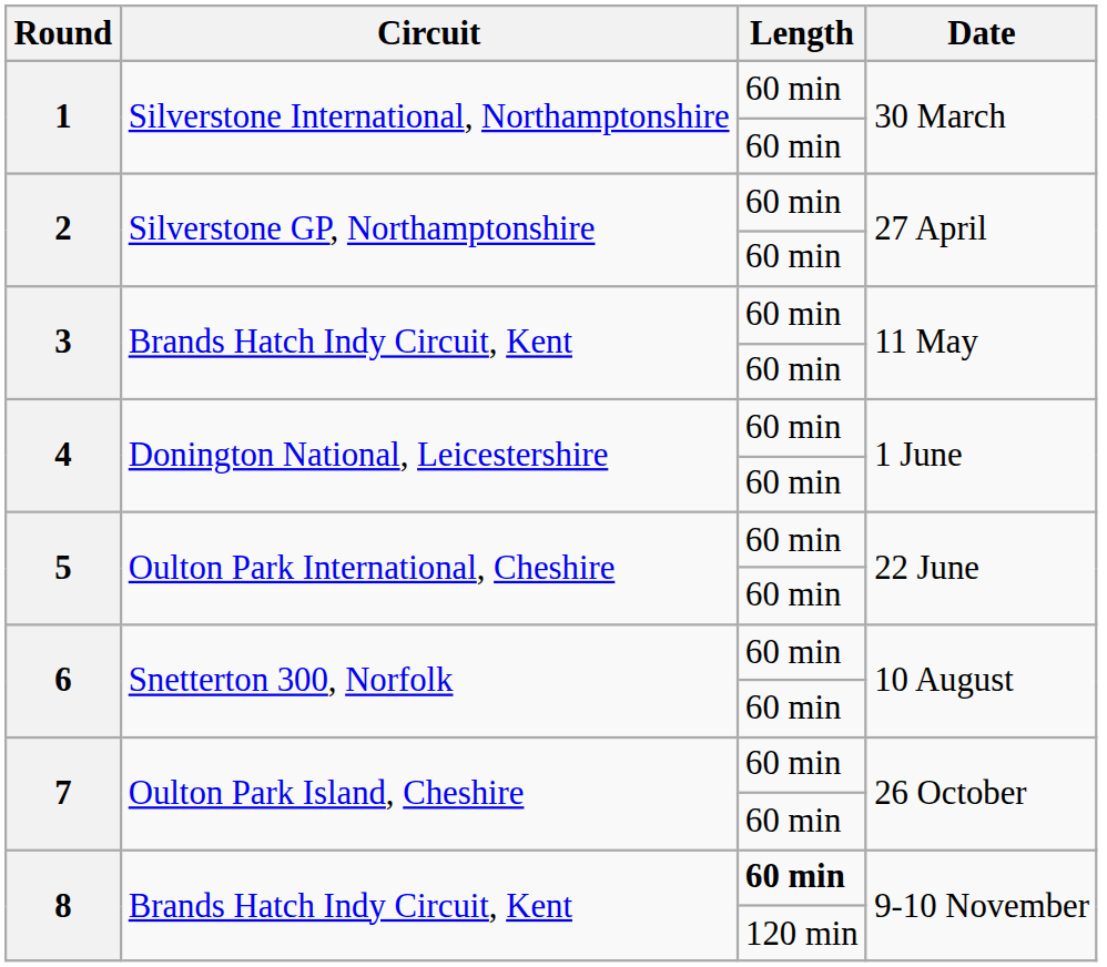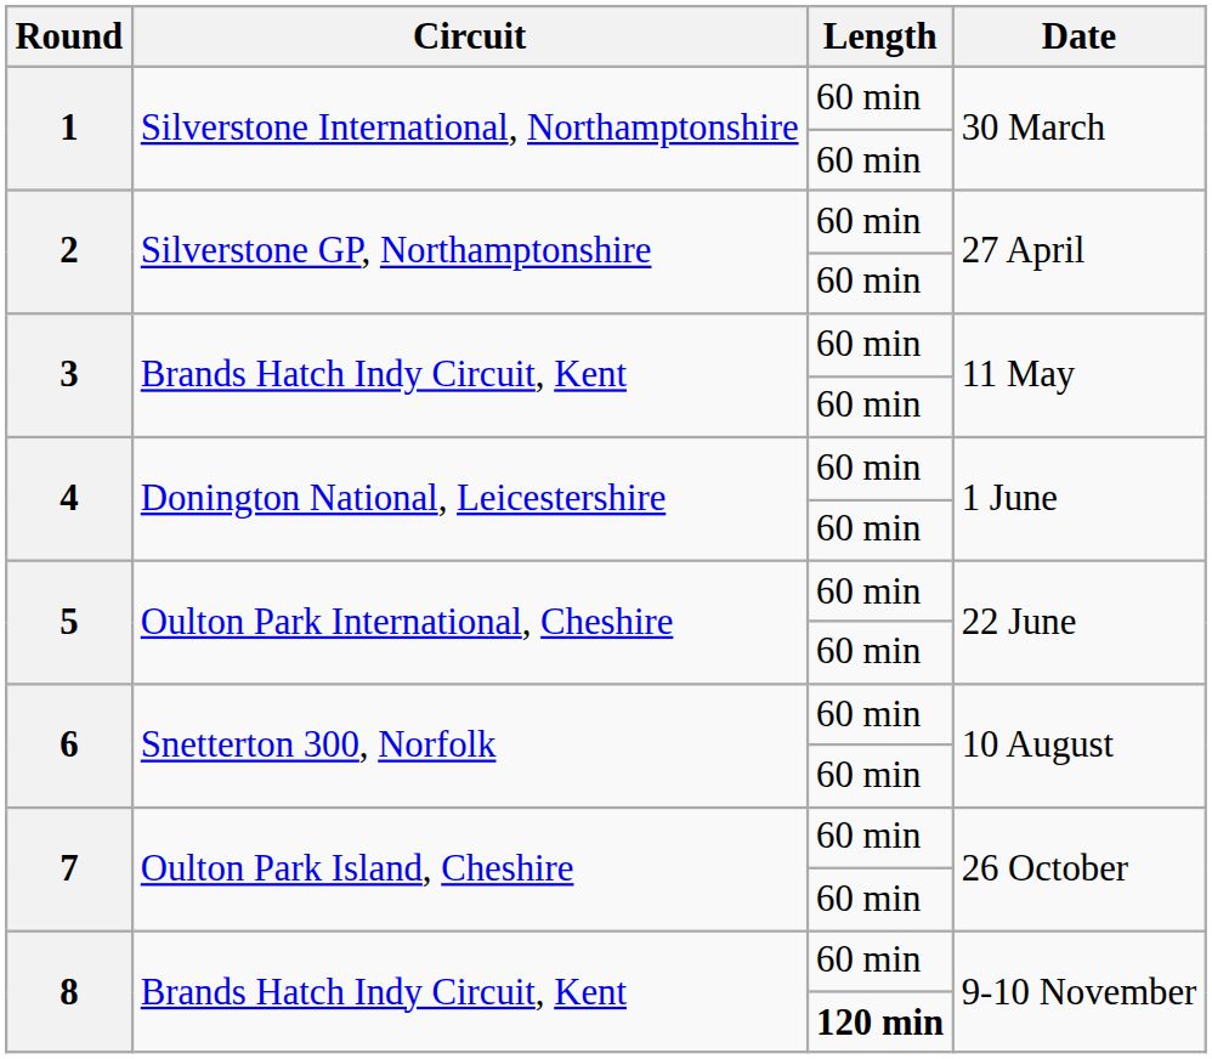 <table class="wikitable" style="font-size: 85%;">
 <tr>
 <th>Round</th>
 <th>Circuit</th>
 <th>Length</th>
 <th>Date</th>
 </tr>
 <tr>
 <th rowspan=2>1</th>
 <td rowspan=2> <a href='#'>Silverstone International</a>, <a href='#'>Northamptonshire</a></td>
 <td>60 min</td>
 <td rowspan=2>30 March</td>
 </tr>
 <tr>
 <td>60 min</td>
 </tr>
 <tr>
 <th rowspan=2>2</th>
 <td rowspan=2> <a href='#'>Silverstone GP</a>, <a href='#'>Northamptonshire</a></td>
 <td>60 min</td>
 <td rowspan=2>27 April</td>
 </tr>
 <tr>
 <td>60 min</td>
 </tr>
 <tr>
 <th rowspan=2>3</th>
 <td rowspan=2> <a href='#'>Brands Hatch Indy Circuit</a>, <a href='#'>Kent</a></td>
 <td>60 min</td>
 <td rowspan=2>11 May</td>
 </tr>
 <tr>
 <td>60 min</td>
 </tr>
 <tr>
 <th rowspan=2>4</th>
 <td rowspan=2> <a href='#'>Donington National</a>, <a href='#'>Leicestershire</a></td>
 <td>60 min</td>
 <td rowspan=2>1 June</td>
 </tr>
 <tr>
 <td>60 min</td>
 </tr>
 <tr>
 <th rowspan=2>5</th>
 <td rowspan=2> <a href='#'>Oulton Park International</a>, <a href='#'>Cheshire</a></td>
 <td>60 min</td>
 <td rowspan=2>22 June</td>
 </tr>
 <tr>
 <td>60 min</td>
 </tr>
 <tr>
 <th rowspan=2>6</th>
 <td rowspan=2> <a href='#'>Snetterton 300</a>, <a href='#'>Norfolk</a></td>
 <td>60 min</td>
 <td rowspan=2>10 August</td>
 </tr>
 <tr>
 <td>60 min</td>
 </tr>
 <tr>
 <th rowspan=2>7</th>
 <td rowspan=2> <a href='#'>Oulton Park Island</a>, <a href='#'>Cheshire</a></td>
 <td>60 min</td>
 <td rowspan=2>26 October</td>
 </tr>
 <tr>
 <td>60 min</td>
 </tr>
 <tr>
 <th rowspan=2>8</th>
 <td rowspan=2> <a href='#'>Brands Hatch Indy Circuit</a>, <a href='#'>Kent</a></td>
-<td><strong>60 min</strong></td>
+<td>60 min</td>
 <td rowspan=2>9-10 November</td>
 </tr>
 <tr>
-<td>120 min</td>
+<td><strong>120 min</strong></td>
 </tr>
 </table>
